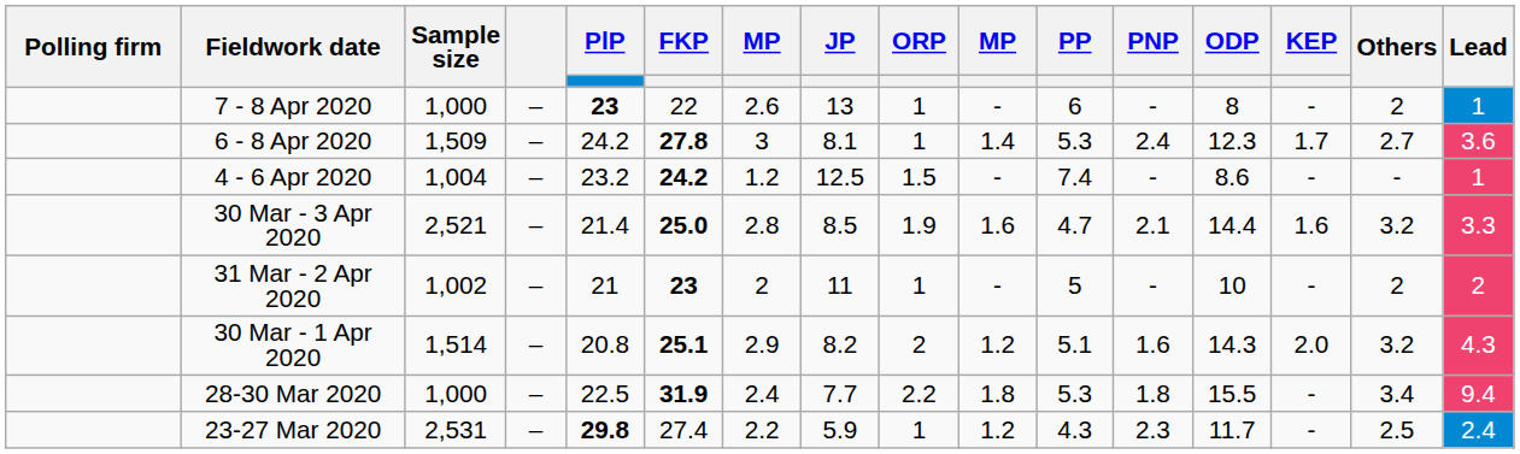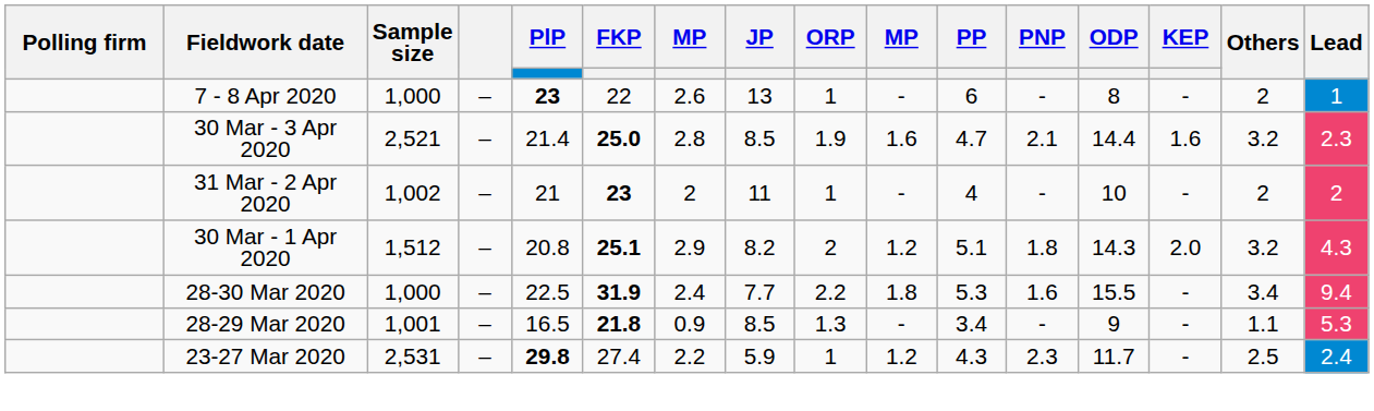 <table class="wikitable sortable" style="text-align:center;font-size:90%;line-height:14px;">
 <tr style="height:40px;">
 <th style="width:100px;" rowspan="2">Polling firm</th>
 <th style="width:130px;" rowspan="2">Fieldwork date</th>
 <th style="width:35px;" rowspan="2">Sample<br>size</th>
 <th style="width:30px;" rowspan="2"></th>
 <th class="unsortable" style="width:40px;"><a href='#'>PlP</a></th>
 <th class="unsortable" style="width:40px;"><a href='#'>FKP</a></th>
 <th class="unsortable" style="width:40px;"><a href='#'>MP</a></th>
 <th class="unsortable" style="width:40px;"><a href='#'>JP</a></th>
 <th class="unsortable" style="width:40px;"><a href='#'>ORP</a></th>
 <th class="unsortable" style="width:40px;"><a href='#'>MP</a></th>
 <th class="unsortable" style="width:40px;"><a href='#'>PP</a></th>
 <th class="unsortable" style="width:40px;"><a href='#'>PNP</a></th>
 <th class="unsortable" style="width:40px;"><a href='#'>ODP</a></th>
 <th class="unsortable" style="width:40px;"><a href='#'>KEP</a></th>
 <th class="unsortable" style="width:30px;" rowspan="2">Others</th>
 <th style="width:30px;" rowspan="2">Lead</th>
 </tr>
 <tr>
 <th style="background:#0088D2;"></th>
 <th style="background:"></th>
 <th style="background:"></th>
 <th style="background:"></th>
 <th style="background:"></th>
 <th style="background:"></th>
 <th style="background:"></th>
 <th style="background:"></th>
 <th style="background:"></th>
 <th style="background:"></th>
 </tr>
 <tr>
 <td></td>
 <td data-sort-value="2020-04-10">7 - 8 Apr 2020</td>
 <td>1,000</td>
 <td>–</td>
 <td><strong>23</strong></td>
 <td>22</td>
 <td>2.6</td>
 <td>13</td>
 <td>1</td>
 <td>-</td>
 <td>6</td>
 <td>-</td>
 <td>8</td>
 <td>-</td>
 <td>2</td>
 <td style="background:#0088D2;color:#FFFFFF;">1</td>
 </tr>
 <tr>
 <td></td>
-<td data-sort-value="2020-04-08">6 - 8 Apr 2020</td>
-<td>1,509</td>
-<td>–</td>
-<td>24.2</td>
-<td><strong>27.8</strong></td>
-<td>3</td>
-<td>8.1</td>
-<td>1</td>
-<td>1.4</td>
-<td>5.3</td>
-<td>2.4</td>
-<td>12.3</td>
-<td>1.7</td>
-<td>2.7</td>
-<td style="background:#EF426f;color:#FFFFFF;">3.6</td>
-</tr>
-<tr>
-<td></td>
-<td data-sort-value="2020-04-06">4 - 6 Apr 2020</td>
-<td>1,004</td>
-<td>–</td>
-<td>23.2</td>
-<td><strong>24.2</strong></td>
-<td>1.2</td>
-<td>12.5</td>
-<td>1.5</td>
-<td>-</td>
-<td>7.4</td>
-<td>-</td>
-<td>8.6</td>
-<td>-</td>
-<td>-</td>
-<td style="background:#EF426f;color:#FFFFFF;">1</td>
-</tr>
-<tr>
-<td></td>
 <td data-sort-value="2020-04-06">30 Mar - 3 Apr 2020</td>
 <td>2,521</td>
 <td>–</td>
 <td>21.4</td>
 <td><strong>25.0</strong></td>
 <td>2.8</td>
 <td>8.5</td>
 <td>1.9</td>
 <td>1.6</td>
 <td>4.7</td>
 <td>2.1</td>
 <td>14.4</td>
 <td>1.6</td>
 <td>3.2</td>
-<td style="background:#EF426f;color:#FFFFFF;">3.3</td>
+<td style="background:#EF426f;color:#FFFFFF;">2.3</td>
 </tr>
 <tr>
 <td></td>
 <td data-sort-value="2020-04-02">31 Mar - 2 Apr 2020</td>
 <td>1,002</td>
 <td>–</td>
 <td>21</td>
 <td><strong>23</strong></td>
 <td>2</td>
 <td>11</td>
 <td>1</td>
 <td>-</td>
-<td>5</td>
+<td>4</td>
 <td>-</td>
 <td>10</td>
 <td>-</td>
 <td>2</td>
 <td style="background:#EF426f;color:#FFFFFF;">2</td>
 </tr>
 <tr>
 <td></td>
 <td data-sort-value="2020-04-01">30 Mar - 1 Apr 2020</td>
-<td>1,514</td>
+<td>1,512</td>
 <td>–</td>
 <td>20.8</td>
 <td><strong>25.1</strong></td>
 <td>2.9</td>
 <td>8.2</td>
 <td>2</td>
 <td>1.2</td>
 <td>5.1</td>
-<td>1.6</td>
+<td>1.8</td>
 <td>14.3</td>
 <td>2.0</td>
 <td>3.2</td>
 <td style="background:#EF426f;color:#FFFFFF;">4.3</td>
 </tr>
 <tr>
 <td></td>
 <td data-sort-value="2020-03-30">28-30 Mar 2020</td>
 <td>1,000</td>
 <td>–</td>
 <td>22.5</td>
 <td><strong>31.9</strong></td>
 <td>2.4</td>
 <td>7.7</td>
 <td>2.2</td>
 <td>1.8</td>
 <td>5.3</td>
-<td>1.8</td>
+<td>1.6</td>
 <td>15.5</td>
 <td>-</td>
 <td>3.4</td>
 <td style="background:#EF426f;color:#FFFFFF;">9.4</td>
+</tr>
+<tr>
+<td></td>
+<td data-sort-value="2020-03-29">28-29 Mar 2020</td>
+<td>1,001</td>
+<td>–</td>
+<td>16.5</td>
+<td><strong>21.8</strong></td>
+<td>0.9</td>
+<td>8.5</td>
+<td>1.3</td>
+<td>-</td>
+<td>3.4</td>
+<td>-</td>
+<td>9</td>
+<td>-</td>
+<td>1.1</td>
+<td style="background:#EF426f;color:#FFFFFF;">5.3</td>
 </tr>
 <tr>
 <td></td>
 <td data-sort-value="2020-03-27">23-27 Mar 2020</td>
 <td>2,531</td>
 <td>–</td>
 <td><strong>29.8</strong></td>
 <td>27.4</td>
 <td>2.2</td>
 <td>5.9</td>
 <td>1</td>
 <td>1.2</td>
 <td>4.3</td>
 <td>2.3</td>
 <td>11.7</td>
 <td>-</td>
 <td>2.5</td>
 <td style="background:#0088D2;color:#FFFFFF;">2.4</td>
 </tr>
 </table>
